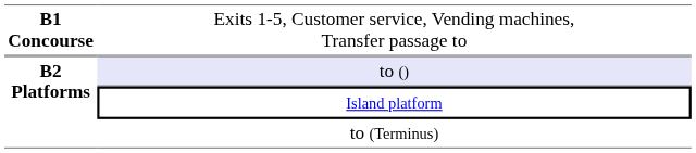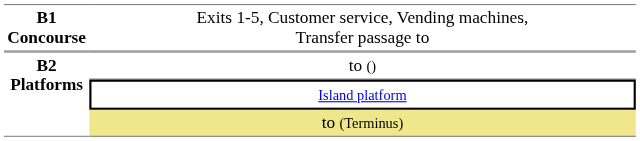 <table table border=0 cellspacing=0 cellpadding=3>
 <tr>
 <td style="border-bottom:solid 1px gray; border-top:solid 1px gray;text-align:center" valign=top><strong>B1<br>Concourse</strong></td>
 <td style="border-bottom:solid 1px gray; border-top:solid 1px gray;text-align:center;" valign=top width=500>Exits 1-5, Customer service, Vending machines,<br>Transfer passage to </td>
 </tr>
 <tr>
 <td style="border-bottom:solid 1px gray; border-top:solid 1px gray;text-align:center" rowspan="3" valign=top><strong>B2<br>Platforms</strong></td>
-<td style="background: lavender; border-bottom:solid 1px gray; border-top:solid 1px gray;text-align:center;">  to  <small>()</small></td>
+<td style="border-bottom:solid 1px gray; border-top:solid 1px gray;text-align:center;">  to  <small>()</small></td>
 </tr>
 <tr>
 <td style="border-right:solid 2px black;border-left:solid 2px black;border-top:solid 2px black;border-bottom:solid 2px black;text-align:center;" colspan=2><small><a href='#'>Island platform</a></small></td>
 </tr>
 <tr>
-<td style="border-bottom:solid 1px gray;text-align:center;"> to  <small>(Terminus)</small> </td>
+<td style="background: khaki; border-bottom:solid 1px gray;text-align:center;"> to  <small>(Terminus)</small> </td>
 </tr>
 </table>
